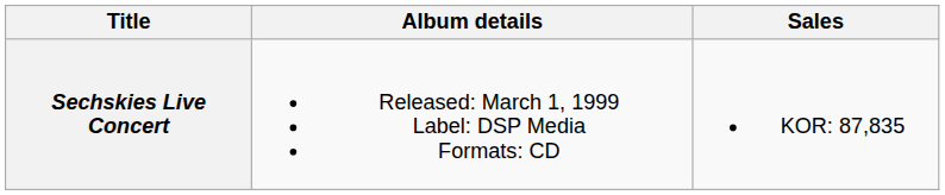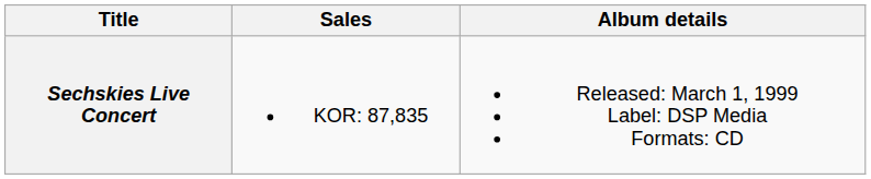 <table class="wikitable plainrowheaders" style="text-align:center;">
 <tr>
 <th style="width:11em;">Title</th>
+<th style="width:11em;">Sales</th>
 <th style="width:20em;">Album details</th>
-<th style="width:11em;">Sales</th>
 </tr>
 <tr>
 <th scope="row"><em>Sechskies Live Concert</em></th>
+<td><br><ul><li>KOR: 87,835</li></ul></td>
 <td><br><ul><li>Released: March 1, 1999</li><li>Label: DSP Media</li><li>Formats: CD</li></ul></td>
-<td><br><ul><li>KOR: 87,835</li></ul></td>
 </tr>
 </table>
